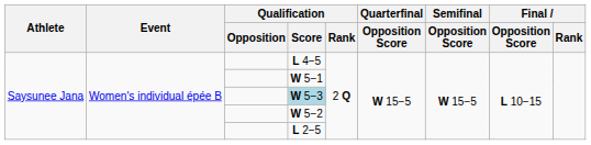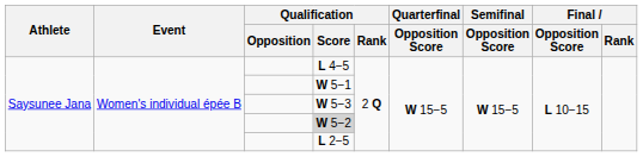 <table class=wikitable style="font-size:90%">
 <tr>
 <th rowspan="2">Athlete</th>
 <th rowspan="2">Event</th>
 <th colspan="3">Qualification</th>
 <th>Quarterfinal</th>
 <th>Semifinal</th>
 <th colspan="2">Final / </th>
 </tr>
 <tr>
 <th>Opposition</th>
 <th>Score</th>
 <th>Rank</th>
 <th>Opposition<br>Score</th>
 <th>Opposition<br>Score</th>
 <th>Opposition<br>Score</th>
 <th>Rank</th>
 </tr>
 <tr>
 <td rowspan=5><a href='#'>Saysunee Jana</a></td>
 <td rowspan=5><a href='#'>Women's individual épée B</a></td>
 <td></td>
 <td align="center"><strong>L</strong> 4−5</td>
 <td align="center" rowspan=5>2 <strong>Q</strong></td>
 <td align="center" rowspan=5><br><strong>W</strong> 15−5</td>
 <td align="center" rowspan=5><br><strong>W</strong> 15−5</td>
 <td align="center" rowspan=5><br><strong>L</strong> 10−15</td>
 <td align="center" rowspan=5></td>
 </tr>
 <tr>
 <td></td>
 <td align="center"><strong>W</strong> 5−1</td>
 </tr>
 <tr>
 <td></td>
-<td align="center" style="background: lightblue;"><strong>W</strong> 5−3</td>
+<td align="center"><strong>W</strong> 5−3</td>
 </tr>
 <tr>
 <td></td>
-<td align="center"><strong>W</strong> 5−2</td>
+<td align="center" style="background: lightgrey;"><strong>W</strong> 5−2</td>
 </tr>
 <tr>
 <td></td>
 <td align="center"><strong>L</strong> 2−5</td>
 </tr>
 </table>
